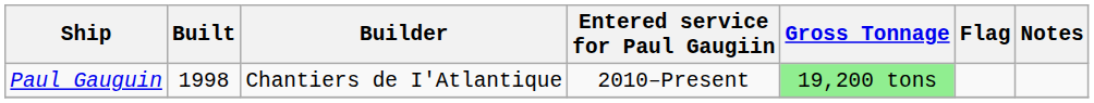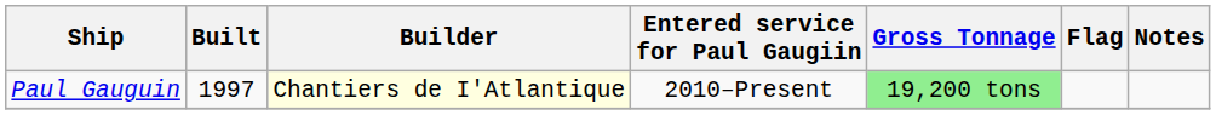 <table class="wikitable sortable">
 <tr>
 <th>Ship</th>
 <th>Built</th>
 <th>Builder</th>
 <th>Entered service <br>for Paul Gaugiin</th>
 <th><a href='#'>Gross Tonnage</a></th>
 <th>Flag</th>
 <th>Notes</th>
 </tr>
 <tr>
 <td><a href='#'><em>Paul Gauguin</em></a></td>
-<td style="text-align:Center;">1998</td>
-<td align="Left">Chantiers de I'Atlantique</td>
+<td style="text-align:Center;">1997</td>
+<td align="Left" style="background: lightyellow;">Chantiers de I'Atlantique</td>
 <td style="text-align:Center;">2010–Present</td>
 <td style="background: lightgreen; text-align:Center;">19,200 tons</td>
 <td align="Center"></td>
 <td style="text-align:Center;"></td>
 </tr>
 <tr>
 </tr>
 </table>
